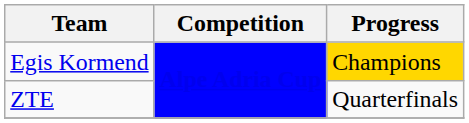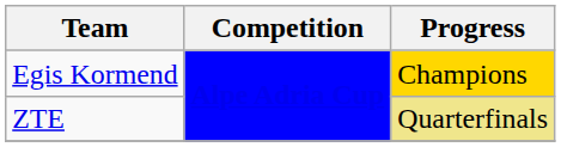 <table class="wikitable sortable">
 <tr>
 <th>Team</th>
 <th>Competition</th>
 <th>Progress</th>
 </tr>
 <tr>
 <td><a href='#'>Egis Kormend</a></td>
 <td rowspan="2" style="background-color:blue;color:#D0D3D4;text-align:center"><strong><a href='#'><span>Alpe Adria Cup</span></a></strong></td>
 <td bgcolor=#FFD700>Champions</td>
 </tr>
 <tr>
 <td><a href='#'>ZTE</a></td>
-<td>Quarterfinals</td>
+<td style="background: khaki;">Quarterfinals</td>
 </tr>
 <tr>
 </tr>
 </table>
